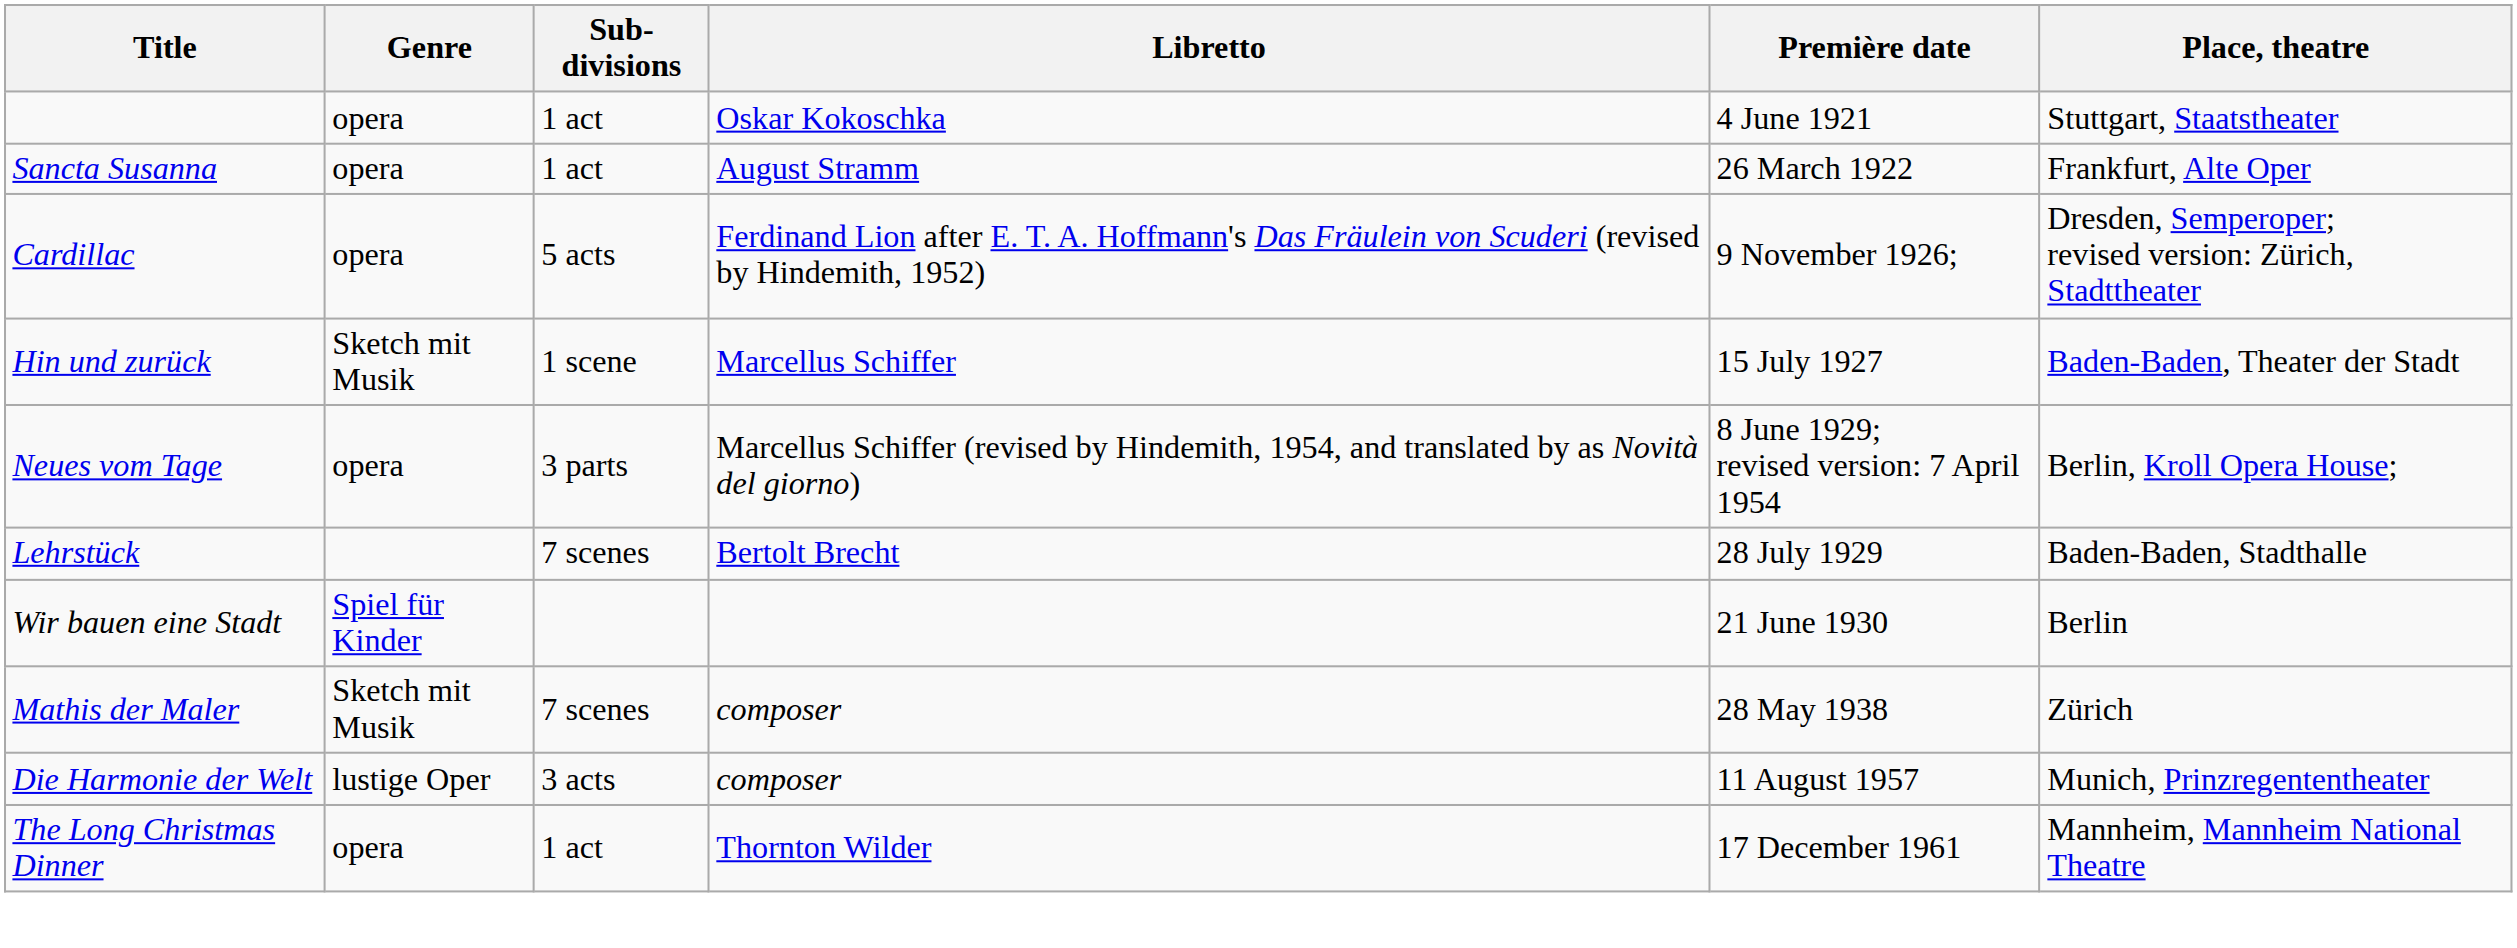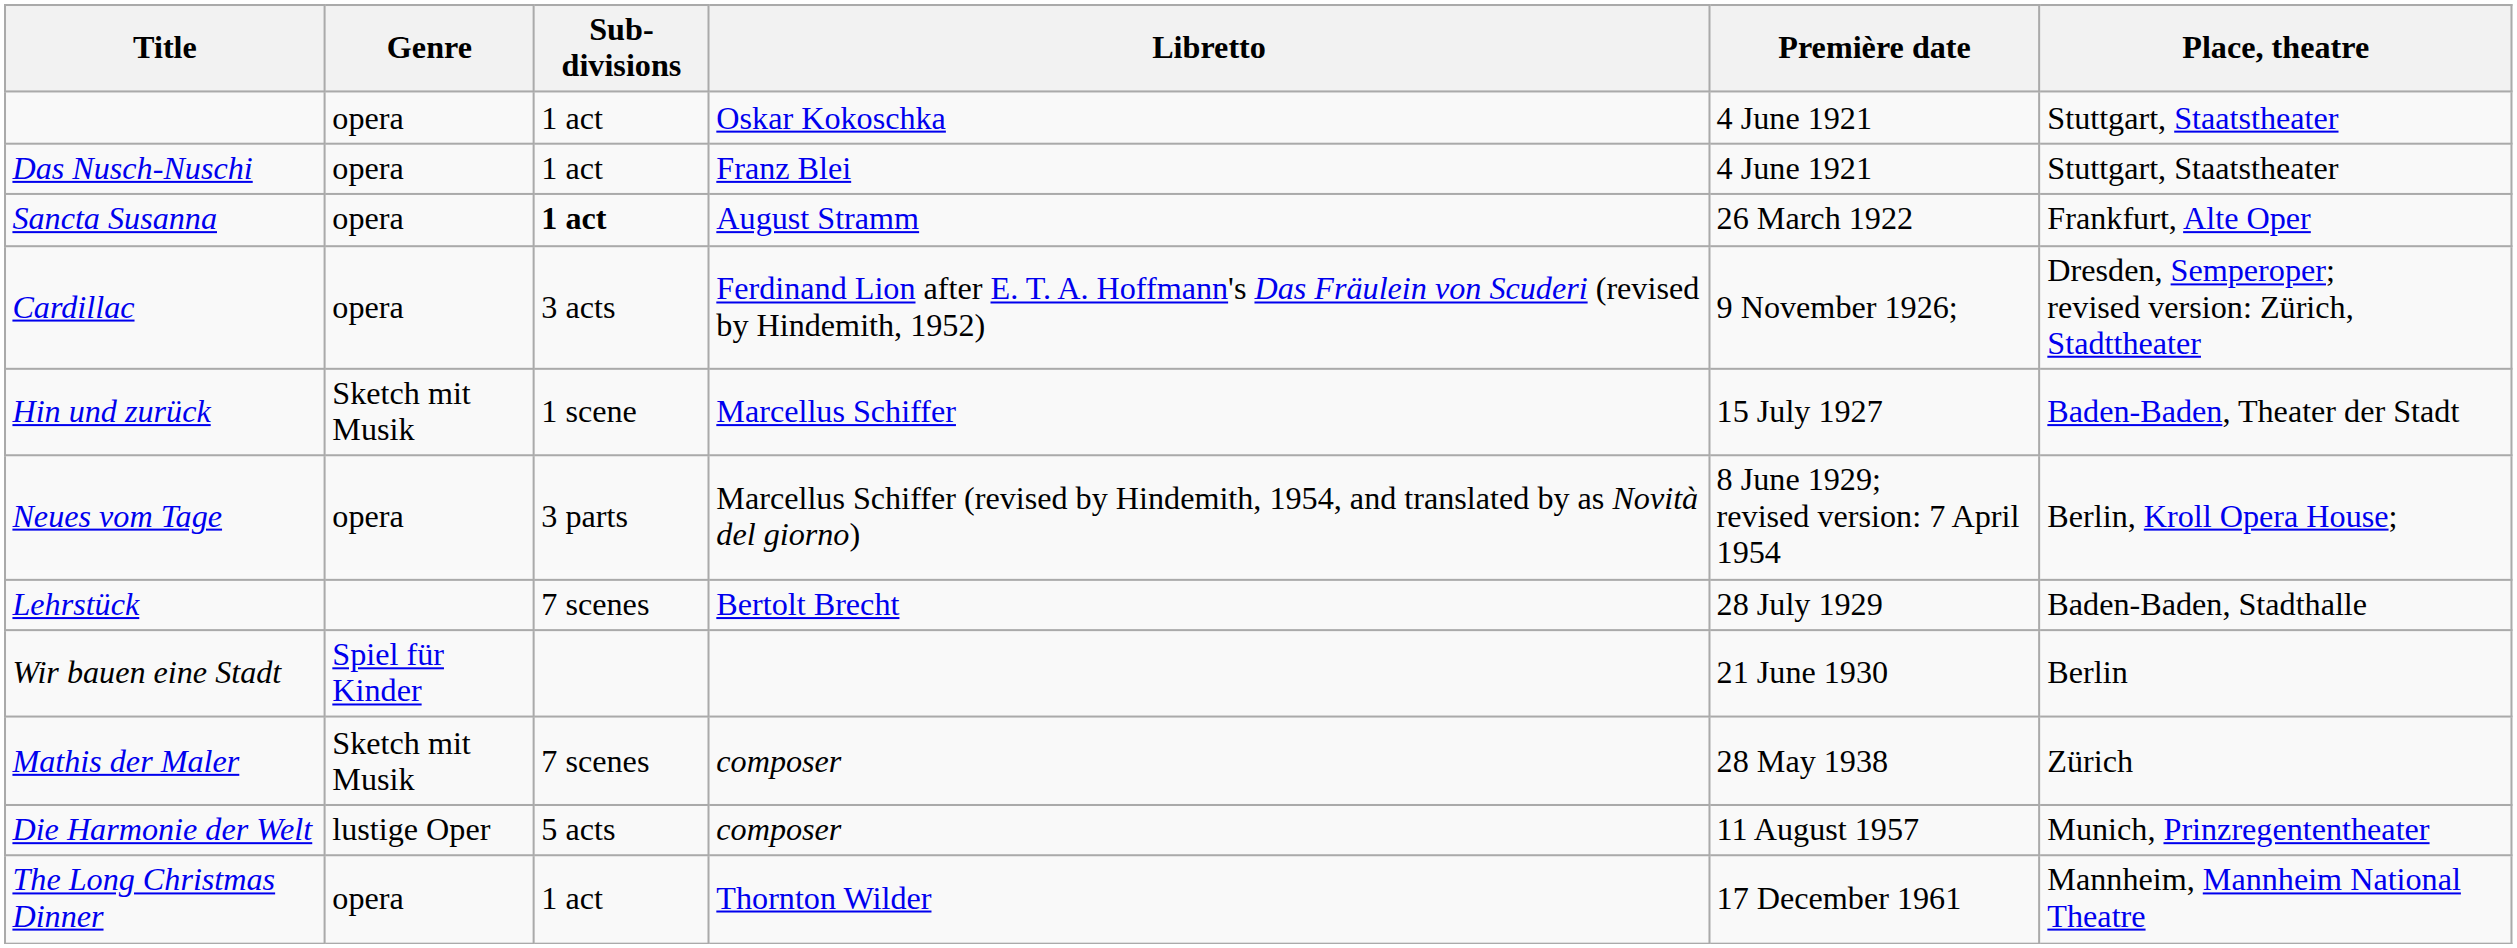 <table class="wikitable sortable">
 <tr>
 <th>Title</th>
 <th>Genre</th>
 <th>Sub­divisions</th>
 <th>Libretto</th>
 <th>Première date</th>
 <th>Place, theatre</th>
 </tr>
 <tr>
 <td><em></em></td>
 <td>opera</td>
 <td>1 act</td>
 <td><a href='#'>Oskar Kokoschka</a></td>
 <td>4 June 1921</td>
 <td>Stuttgart, <a href='#'>Staatstheater</a></td>
 </tr>
 <tr>
+<td><em><a href='#'>Das Nusch-Nuschi</a></em></td>
+<td>opera</td>
+<td>1 act</td>
+<td><a href='#'>Franz Blei</a></td>
+<td>4 June 1921</td>
+<td>Stuttgart, Staatstheater</td>
+</tr>
+<tr>
 <td><em><a href='#'>Sancta Susanna</a></em></td>
 <td>opera</td>
-<td>1 act</td>
+<td><strong>1 act</strong></td>
 <td><a href='#'>August Stramm</a></td>
 <td>26 March 1922</td>
 <td>Frankfurt, <a href='#'>Alte Oper</a></td>
 </tr>
 <tr>
 <td><em><a href='#'>Cardillac</a></em></td>
 <td>opera</td>
-<td>5 acts</td>
+<td>3 acts</td>
 <td><a href='#'>Ferdinand Lion</a> after <a href='#'>E. T. A. Hoffmann</a>'s <em><a href='#'>Das Fräulein von Scuderi</a></em> (revised by Hindemith, 1952)</td>
 <td>9 November 1926;<br></td>
 <td>Dresden, <a href='#'>Semperoper</a>;<br>revised version: Zürich, <a href='#'>Stadttheater</a></td>
 </tr>
 <tr>
 <td><em><a href='#'>Hin und zurück</a></em></td>
 <td>Sketch mit Musik</td>
 <td>1 scene</td>
 <td><a href='#'>Marcellus Schiffer</a></td>
 <td>15 July 1927</td>
 <td><a href='#'>Baden-Baden</a>, Theater der Stadt</td>
 </tr>
 <tr>
 <td><em><a href='#'>Neues vom Tage</a></em></td>
 <td>opera</td>
 <td>3 parts</td>
 <td>Marcellus Schiffer (revised by Hindemith, 1954, and translated by  as <em>Novità del giorno</em>)</td>
 <td>8 June 1929;<br>revised version: 7 April 1954</td>
 <td>Berlin, <a href='#'>Kroll Opera House</a>;<br></td>
 </tr>
 <tr>
 <td><em><a href='#'>Lehrstück</a></em></td>
 <td></td>
 <td>7 scenes</td>
 <td><a href='#'>Bertolt Brecht</a></td>
 <td>28 July 1929</td>
 <td>Baden-Baden, Stadthalle</td>
 </tr>
 <tr>
 <td><em>Wir bauen eine Stadt</em></td>
 <td><a href='#'>Spiel für Kinder</a></td>
 <td></td>
 <td></td>
 <td>21 June 1930</td>
 <td>Berlin</td>
 </tr>
 <tr>
 <td><em><a href='#'>Mathis der Maler</a></em></td>
 <td>Sketch mit Musik</td>
 <td>7 scenes</td>
 <td><em>composer</em></td>
 <td>28 May 1938</td>
 <td>Zürich</td>
 </tr>
 <tr>
 <td><em><a href='#'>Die Harmonie der Welt</a></em></td>
 <td>lustige Oper</td>
-<td>3 acts</td>
+<td>5 acts</td>
 <td><em>composer</em></td>
 <td>11 August 1957</td>
 <td>Munich, <a href='#'>Prinzregententheater</a></td>
 </tr>
 <tr>
 <td><em><a href='#'>The Long Christmas Dinner</a></em></td>
 <td>opera</td>
 <td>1 act</td>
 <td><a href='#'>Thornton Wilder</a></td>
 <td>17 December 1961</td>
 <td>Mannheim, <a href='#'>Mannheim National Theatre</a></td>
 </tr>
 </table>
